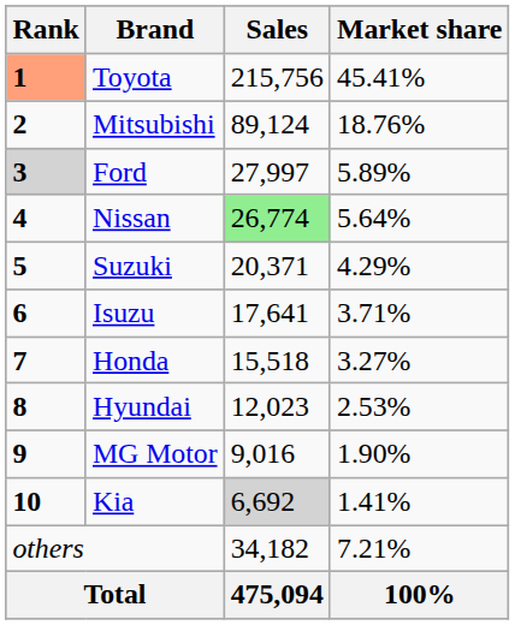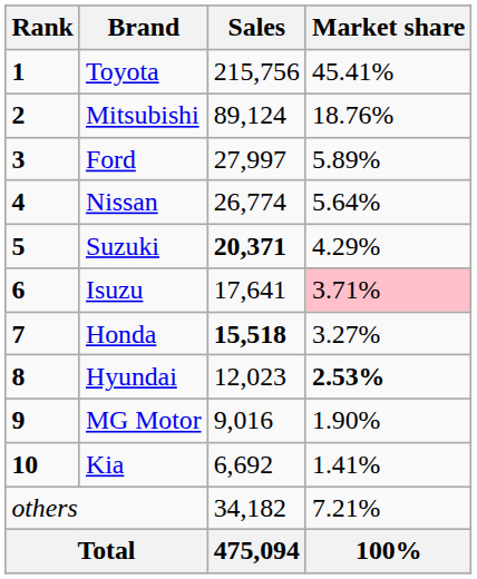 <table class="wikitable" align="left" style="text-align: left; font-size:90%;">
 <tr>
 <th>Rank</th>
 <th>Brand</th>
 <th>Sales</th>
 <th>Market share</th>
 </tr>
 <tr>
-<td style="background: lightsalmon;"><strong>1</strong></td>
+<td><strong>1</strong></td>
 <td><a href='#'>Toyota</a></td>
 <td>215,756</td>
 <td>45.41%</td>
 </tr>
 <tr>
 <td><strong>2</strong></td>
 <td><a href='#'>Mitsubishi</a></td>
 <td>89,124</td>
 <td>18.76%</td>
 </tr>
 <tr>
-<td style="background: lightgrey;"><strong>3</strong></td>
+<td><strong>3</strong></td>
 <td><a href='#'>Ford</a></td>
 <td>27,997</td>
 <td>5.89%</td>
 </tr>
 <tr>
 <td><strong>4</strong></td>
 <td><a href='#'>Nissan</a></td>
-<td style="background: lightgreen;">26,774</td>
+<td>26,774</td>
 <td>5.64%</td>
 </tr>
 <tr>
 <td><strong>5</strong></td>
 <td><a href='#'>Suzuki</a></td>
-<td>20,371</td>
+<td><strong>20,371</strong></td>
 <td>4.29%</td>
 </tr>
 <tr>
 <td><strong>6</strong></td>
 <td><a href='#'>Isuzu</a></td>
 <td>17,641</td>
-<td>3.71%</td>
+<td style="background: pink;">3.71%</td>
 </tr>
 <tr>
 <td><strong>7</strong></td>
 <td><a href='#'>Honda</a></td>
-<td>15,518</td>
+<td><strong>15,518</strong></td>
 <td>3.27%</td>
 </tr>
 <tr>
 <td><strong>8</strong></td>
 <td><a href='#'>Hyundai</a></td>
 <td>12,023</td>
-<td>2.53%</td>
+<td><strong>2.53%</strong></td>
 </tr>
 <tr>
 <td><strong>9</strong></td>
 <td><a href='#'>MG Motor</a></td>
 <td>9,016</td>
 <td>1.90%</td>
 </tr>
 <tr>
 <td><strong>10</strong></td>
 <td><a href='#'>Kia</a></td>
-<td style="background: lightgrey;">6,692</td>
+<td>6,692</td>
 <td>1.41%</td>
 </tr>
 <tr>
 <td colspan="2"><em>others</em></td>
 <td>34,182</td>
 <td>7.21%</td>
 </tr>
 <tr>
 <th colspan="2">Total</th>
 <th>475,094</th>
 <th>100%</th>
 </tr>
 </table>
